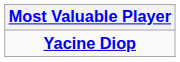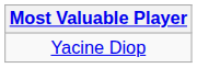 <table class=wikitable style="text-align:center; margin:auto">
 <tr>
 <th><a href='#'>Most Valuable Player</a></th>
 </tr>
 <tr>
-<td><strong> <a href='#'>Yacine Diop</a></strong></td>
+<td> <a href='#'>Yacine Diop</a></td>
 </tr>
 </table>
